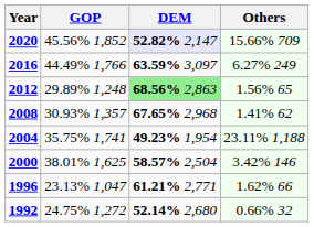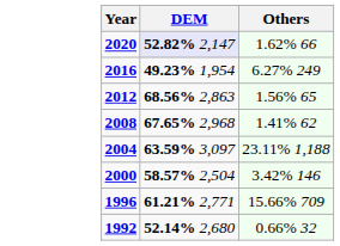 <table class="wikitable" class="toccolours" style="float:right; margin:1em 0 1em 1em; font-size:95%;">
 <tr>
 <th>Year</th>
-<th><a href='#'>GOP</a></th>
 <th><a href='#'>DEM</a></th>
 <th>Others</th>
 </tr>
 <tr>
 <td style="text-align:center; "><strong><a href='#'>2020</a></strong></td>
-<td style="text-align:center; ">45.56% <em>1,852</em></td>
 <td style="background: lavender; text-align:center; "><strong>52.82%</strong> <em>2,147</em></td>
-<td style="text-align:center; background:honeyDew;">15.66% <em>709</em></td>
+<td style="text-align:center; background:honeyDew;">1.62% <em>66</em></td>
 </tr>
 <tr>
 <td style="text-align:center; "><strong><a href='#'>2016</a></strong></td>
-<td style="text-align:center; ">44.49% <em>1,766</em></td>
-<td style="text-align:center; "><strong>63.59%</strong> <em>3,097</em></td>
+<td style="text-align:center; "><strong>49.23%</strong> <em>1,954</em></td>
 <td style="text-align:center; background:honeyDew;">6.27% <em>249</em></td>
 </tr>
 <tr>
 <td style="text-align:center; "><strong><a href='#'>2012</a></strong></td>
-<td style="text-align:center; ">29.89% <em>1,248</em></td>
-<td style="background: lightgreen; text-align:center; "><strong>68.56%</strong> <em>2,863</em></td>
+<td style="text-align:center; "><strong>68.56%</strong> <em>2,863</em></td>
 <td style="text-align:center; background:honeyDew;">1.56% <em>65</em></td>
 </tr>
 <tr>
 <td style="text-align:center; "><strong><a href='#'>2008</a></strong></td>
-<td style="text-align:center; ">30.93% <em>1,357</em></td>
 <td style="text-align:center; "><strong>67.65%</strong> <em>2,968</em></td>
 <td style="text-align:center; background:honeyDew;">1.41% <em>62</em></td>
 </tr>
 <tr>
 <td style="text-align:center; "><strong><a href='#'>2004</a></strong></td>
-<td style="text-align:center; ">35.75% <em>1,741</em></td>
-<td style="text-align:center; "><strong>49.23%</strong> <em>1,954</em></td>
+<td style="text-align:center; "><strong>63.59%</strong> <em>3,097</em></td>
 <td style="text-align:center; background:honeyDew;">23.11% <em>1,188</em></td>
 </tr>
 <tr>
 <td style="text-align:center; "><strong><a href='#'>2000</a></strong></td>
-<td style="text-align:center; ">38.01% <em>1,625</em></td>
 <td style="text-align:center; "><strong>58.57%</strong> <em>2,504</em></td>
 <td style="text-align:center; background:honeyDew;">3.42% <em>146</em></td>
 </tr>
 <tr>
 <td style="text-align:center; "><strong><a href='#'>1996</a></strong></td>
-<td style="text-align:center; ">23.13% <em>1,047</em></td>
 <td style="text-align:center; "><strong>61.21%</strong> <em>2,771</em></td>
-<td style="text-align:center; background:honeyDew;">1.62% <em>66</em></td>
+<td style="text-align:center; background:honeyDew;">15.66% <em>709</em></td>
 </tr>
 <tr>
 <td style="text-align:center; "><strong><a href='#'>1992</a></strong></td>
-<td style="text-align:center; ">24.75% <em>1,272</em></td>
 <td style="text-align:center; "><strong>52.14%</strong> <em>2,680</em></td>
 <td style="text-align:center; background:honeyDew;">0.66% <em>32</em></td>
 </tr>
 </table>
